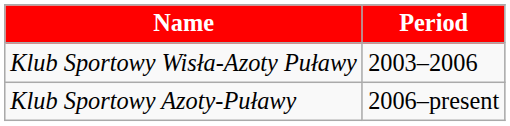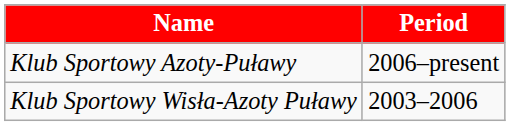 <table class="wikitable" style="text-align: left">
 <tr>
 <th style="color:#FFFFFF; background:#FF0000">Name</th>
 <th style="color:#FFFFFF; background:#FF0000">Period</th>
 </tr>
 <tr>
+<td align=left><em>Klub Sportowy Azoty-Puławy</em></td>
+<td>2006–present</td>
+</tr>
+<tr>
 <td align=left><em>Klub Sportowy Wisła-Azoty Puławy</em></td>
 <td>2003–2006</td>
 </tr>
-<tr>
-<td align=left><em>Klub Sportowy Azoty-Puławy</em></td>
-<td>2006–present</td>
-</tr>
 </table>
